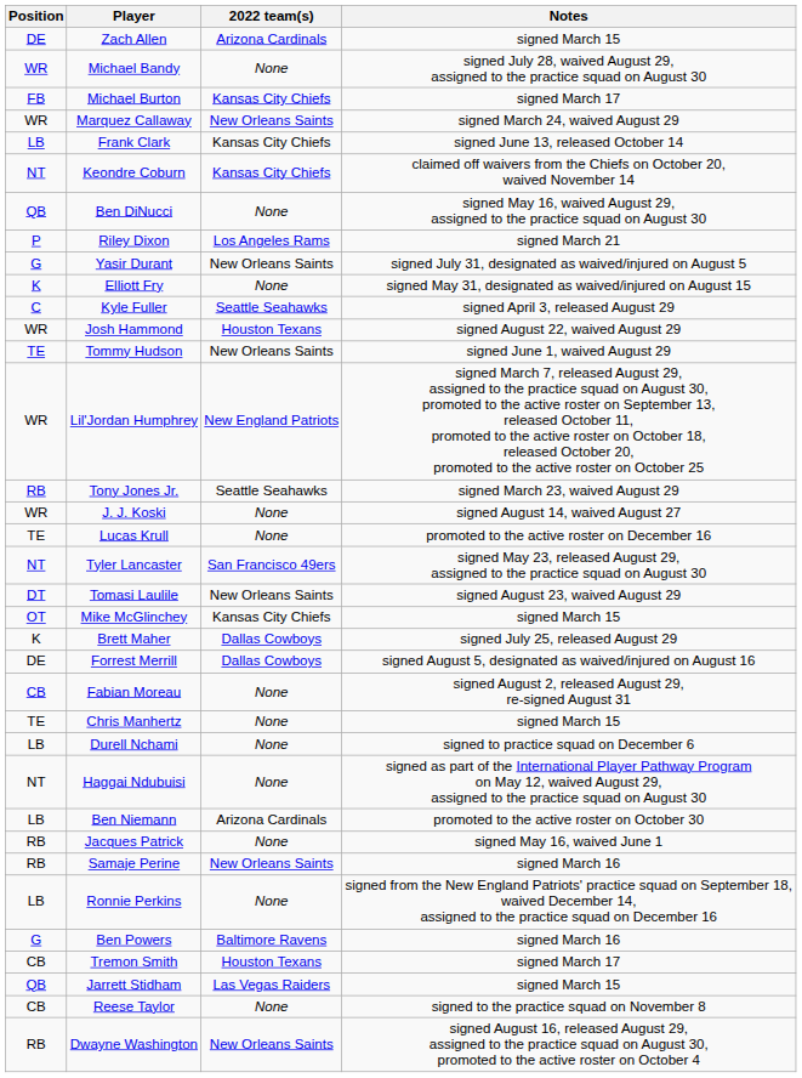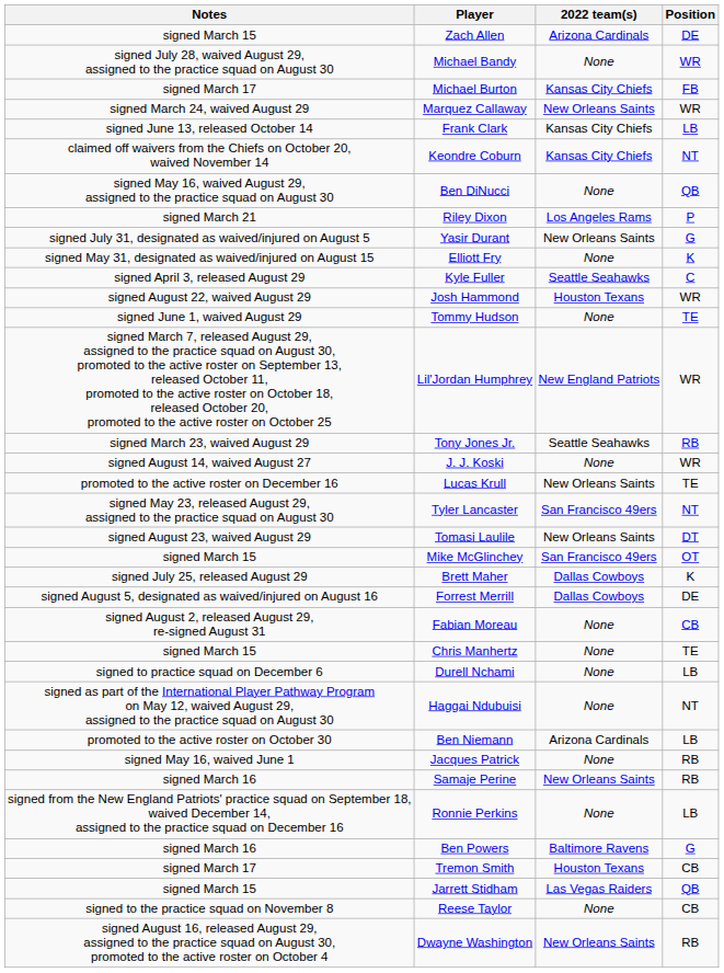 <table class="wikitable" style="text-align:center">
 <tr>
-<th>Position</th>
+<th>Notes</th>
 <th>Player</th>
 <th>2022 team(s)</th>
-<th>Notes</th>
+<th>Position</th>
 </tr>
 <tr>
-<td><a href='#'>DE</a></td>
+<td>signed March 15</td>
 <td><a href='#'>Zach Allen</a></td>
 <td><a href='#'>Arizona Cardinals</a></td>
-<td>signed March 15</td>
+<td><a href='#'>DE</a></td>
 </tr>
 <tr>
-<td><a href='#'>WR</a></td>
+<td>signed July 28, waived August 29,<br>assigned to the practice squad on August 30</td>
 <td><a href='#'>Michael Bandy</a></td>
 <td><em>None</em></td>
-<td>signed July 28, waived August 29,<br>assigned to the practice squad on August 30</td>
+<td><a href='#'>WR</a></td>
 </tr>
 <tr>
-<td><a href='#'>FB</a></td>
+<td>signed March 17</td>
 <td><a href='#'>Michael Burton</a></td>
 <td><a href='#'>Kansas City Chiefs</a></td>
-<td>signed March 17</td>
+<td><a href='#'>FB</a></td>
 </tr>
 <tr>
-<td>WR</td>
+<td>signed March 24, waived August 29</td>
 <td><a href='#'>Marquez Callaway</a></td>
 <td><a href='#'>New Orleans Saints</a></td>
-<td>signed March 24, waived August 29</td>
+<td>WR</td>
 </tr>
 <tr>
-<td><a href='#'>LB</a></td>
+<td>signed June 13, released October 14</td>
 <td><a href='#'>Frank Clark</a></td>
 <td>Kansas City Chiefs</td>
-<td>signed June 13, released October 14</td>
+<td><a href='#'>LB</a></td>
 </tr>
 <tr>
-<td><a href='#'>NT</a></td>
+<td>claimed off waivers from the Chiefs on October 20,<br>waived November 14</td>
 <td><a href='#'>Keondre Coburn</a></td>
 <td><a href='#'>Kansas City Chiefs</a></td>
-<td>claimed off waivers from the Chiefs on October 20,<br>waived November 14</td>
+<td><a href='#'>NT</a></td>
 </tr>
 <tr>
-<td><a href='#'>QB</a></td>
+<td>signed May 16, waived August 29,<br>assigned to the practice squad on August 30</td>
 <td><a href='#'>Ben DiNucci</a></td>
 <td><em>None</em></td>
-<td>signed May 16, waived August 29,<br>assigned to the practice squad on August 30</td>
+<td><a href='#'>QB</a></td>
 </tr>
 <tr>
-<td><a href='#'>P</a></td>
+<td>signed March 21</td>
 <td><a href='#'>Riley Dixon</a></td>
 <td><a href='#'>Los Angeles Rams</a></td>
-<td>signed March 21</td>
+<td><a href='#'>P</a></td>
 </tr>
 <tr>
-<td><a href='#'>G</a></td>
+<td>signed July 31, designated as waived/injured on August 5</td>
 <td><a href='#'>Yasir Durant</a></td>
 <td>New Orleans Saints</td>
-<td>signed July 31, designated as waived/injured on August 5</td>
+<td><a href='#'>G</a></td>
 </tr>
 <tr>
-<td><a href='#'>K</a></td>
+<td>signed May 31, designated as waived/injured on August 15</td>
 <td><a href='#'>Elliott Fry</a></td>
 <td><em>None</em></td>
-<td>signed May 31, designated as waived/injured on August 15</td>
+<td><a href='#'>K</a></td>
 </tr>
 <tr>
-<td><a href='#'>C</a></td>
+<td>signed April 3, released August 29</td>
 <td><a href='#'>Kyle Fuller</a></td>
 <td><a href='#'>Seattle Seahawks</a></td>
-<td>signed April 3, released August 29</td>
+<td><a href='#'>C</a></td>
 </tr>
 <tr>
-<td>WR</td>
+<td>signed August 22, waived August 29</td>
 <td><a href='#'>Josh Hammond</a></td>
 <td><a href='#'>Houston Texans</a></td>
-<td>signed August 22, waived August 29</td>
+<td>WR</td>
 </tr>
 <tr>
+<td>signed June 1, waived August 29</td>
+<td><a href='#'>Tommy Hudson</a></td>
+<td><em>None</em></td>
 <td><a href='#'>TE</a></td>
-<td><a href='#'>Tommy Hudson</a></td>
-<td>New Orleans Saints</td>
-<td>signed June 1, waived August 29</td>
 </tr>
 <tr>
-<td>WR</td>
+<td>signed March 7, released August 29,<br>assigned to the practice squad on August 30,<br>promoted to the active roster on September 13,<br>released October 11,<br>promoted to the active roster on October 18,<br>released October 20,<br>promoted to the active roster on October 25</td>
 <td><a href='#'>Lil'Jordan Humphrey</a></td>
 <td><a href='#'>New England Patriots</a></td>
-<td>signed March 7, released August 29,<br>assigned to the practice squad on August 30,<br>promoted to the active roster on September 13,<br>released October 11,<br>promoted to the active roster on October 18,<br>released October 20,<br>promoted to the active roster on October 25</td>
+<td>WR</td>
 </tr>
 <tr>
-<td><a href='#'>RB</a></td>
+<td>signed March 23, waived August 29</td>
 <td><a href='#'>Tony Jones Jr.</a></td>
 <td>Seattle Seahawks</td>
-<td>signed March 23, waived August 29</td>
+<td><a href='#'>RB</a></td>
 </tr>
 <tr>
-<td>WR</td>
+<td>signed August 14, waived August 27</td>
 <td><a href='#'>J. J. Koski</a></td>
 <td><em>None</em></td>
-<td>signed August 14, waived August 27</td>
+<td>WR</td>
 </tr>
 <tr>
+<td>promoted to the active roster on December 16</td>
+<td><a href='#'>Lucas Krull</a></td>
+<td>New Orleans Saints</td>
 <td>TE</td>
-<td><a href='#'>Lucas Krull</a></td>
-<td><em>None</em></td>
-<td>promoted to the active roster on December 16</td>
 </tr>
 <tr>
-<td><a href='#'>NT</a></td>
+<td>signed May 23, released August 29,<br>assigned to the practice squad on August 30</td>
 <td><a href='#'>Tyler Lancaster</a></td>
 <td><a href='#'>San Francisco 49ers</a></td>
-<td>signed May 23, released August 29,<br>assigned to the practice squad on August 30</td>
+<td><a href='#'>NT</a></td>
 </tr>
 <tr>
-<td><a href='#'>DT</a></td>
+<td>signed August 23, waived August 29</td>
 <td><a href='#'>Tomasi Laulile</a></td>
 <td>New Orleans Saints</td>
-<td>signed August 23, waived August 29</td>
+<td><a href='#'>DT</a></td>
 </tr>
 <tr>
+<td>signed March 15</td>
+<td><a href='#'>Mike McGlinchey</a></td>
+<td><a href='#'>San Francisco 49ers</a></td>
 <td><a href='#'>OT</a></td>
-<td><a href='#'>Mike McGlinchey</a></td>
-<td>Kansas City Chiefs</td>
-<td>signed March 15</td>
 </tr>
 <tr>
-<td>K</td>
+<td>signed July 25, released August 29</td>
 <td><a href='#'>Brett Maher</a></td>
 <td><a href='#'>Dallas Cowboys</a></td>
-<td>signed July 25, released August 29</td>
+<td>K</td>
 </tr>
 <tr>
-<td>DE</td>
+<td>signed August 5, designated as waived/injured on August 16</td>
 <td><a href='#'>Forrest Merrill</a></td>
 <td><a href='#'>Dallas Cowboys</a></td>
-<td>signed August 5, designated as waived/injured on August 16</td>
+<td>DE</td>
 </tr>
 <tr>
-<td><a href='#'>CB</a></td>
+<td>signed August 2, released August 29,<br>re-signed August 31</td>
 <td><a href='#'>Fabian Moreau</a></td>
 <td><em>None</em></td>
-<td>signed August 2, released August 29,<br>re-signed August 31</td>
+<td><a href='#'>CB</a></td>
 </tr>
 <tr>
-<td>TE</td>
+<td>signed March 15</td>
 <td><a href='#'>Chris Manhertz</a></td>
 <td><em>None</em></td>
-<td>signed March 15</td>
+<td>TE</td>
 </tr>
 <tr>
-<td>LB</td>
+<td>signed to practice squad on December 6</td>
 <td><a href='#'>Durell Nchami</a></td>
 <td><em>None</em></td>
-<td>signed to practice squad on December 6</td>
+<td>LB</td>
 </tr>
 <tr>
-<td>NT</td>
+<td>signed as part of the <a href='#'>International Player Pathway Program</a><br> on May 12, waived August 29,<br>assigned to the practice squad on August 30</td>
 <td><a href='#'>Haggai Ndubuisi</a></td>
 <td><em>None</em></td>
-<td>signed as part of the <a href='#'>International Player Pathway Program</a><br> on May 12, waived August 29,<br>assigned to the practice squad on August 30</td>
+<td>NT</td>
 </tr>
 <tr>
-<td>LB</td>
+<td>promoted to the active roster on October 30</td>
 <td><a href='#'>Ben Niemann</a></td>
 <td>Arizona Cardinals</td>
-<td>promoted to the active roster on October 30</td>
+<td>LB</td>
 </tr>
 <tr>
-<td>RB</td>
+<td>signed May 16, waived June 1</td>
 <td><a href='#'>Jacques Patrick</a></td>
 <td><em>None</em></td>
-<td>signed May 16, waived June 1</td>
+<td>RB</td>
 </tr>
 <tr>
-<td>RB</td>
+<td>signed March 16</td>
 <td><a href='#'>Samaje Perine</a></td>
 <td><a href='#'>New Orleans Saints</a></td>
-<td>signed March 16</td>
+<td>RB</td>
 </tr>
 <tr>
-<td>LB</td>
+<td>signed from the New England Patriots' practice squad on September 18,<br>waived December 14,<br>assigned to the practice squad on December 16</td>
 <td><a href='#'>Ronnie Perkins</a></td>
 <td><em>None</em></td>
-<td>signed from the New England Patriots' practice squad on September 18,<br>waived December 14,<br>assigned to the practice squad on December 16</td>
+<td>LB</td>
 </tr>
 <tr>
-<td><a href='#'>G</a></td>
+<td>signed March 16</td>
 <td><a href='#'>Ben Powers</a></td>
 <td><a href='#'>Baltimore Ravens</a></td>
-<td>signed March 16</td>
+<td><a href='#'>G</a></td>
 </tr>
 <tr>
-<td>CB</td>
+<td>signed March 17</td>
 <td><a href='#'>Tremon Smith</a></td>
 <td><a href='#'>Houston Texans</a></td>
-<td>signed March 17</td>
+<td>CB</td>
 </tr>
 <tr>
-<td><a href='#'>QB</a></td>
+<td>signed March 15</td>
 <td><a href='#'>Jarrett Stidham</a></td>
 <td><a href='#'>Las Vegas Raiders</a></td>
-<td>signed March 15</td>
+<td><a href='#'>QB</a></td>
 </tr>
 <tr>
-<td>CB</td>
+<td>signed to the practice squad on November 8</td>
 <td><a href='#'>Reese Taylor</a></td>
 <td><em>None</em></td>
-<td>signed to the practice squad on November 8</td>
+<td>CB</td>
 </tr>
 <tr>
-<td>RB</td>
+<td>signed August 16, released August 29,<br>assigned to the practice squad on August 30,<br>promoted to the active roster on October 4</td>
 <td><a href='#'>Dwayne Washington</a></td>
 <td><a href='#'>New Orleans Saints</a></td>
-<td>signed August 16, released August 29,<br>assigned to the practice squad on August 30,<br>promoted to the active roster on October 4</td>
+<td>RB</td>
 </tr>
 </table>
